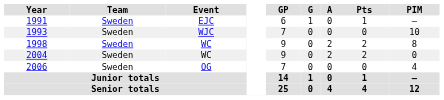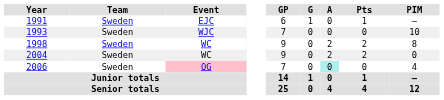 <table border="0" cellpadding="1" cellspacing="0" style="text-align:center; width:50em">
 <tr ALIGN="center" bgcolor="#e0e0e0">
 <th>Year</th>
 <th>Team</th>
 <th>Event</th>
 <th rowspan="99" bgcolor="#ffffff"> </th>
 <th>GP</th>
 <th>G</th>
 <th>A</th>
 <th>Pts</th>
 <th>PIM</th>
 </tr>
 <tr>
 <td><a href='#'>1991</a></td>
 <td><a href='#'>Sweden</a></td>
 <td><a href='#'>EJC</a></td>
 <td>6</td>
 <td>1</td>
 <td>0</td>
 <td>1</td>
 <td>—</td>
 </tr>
 <tr bgcolor="#f0f0f0">
 <td><a href='#'>1993</a></td>
 <td>Sweden</td>
 <td><a href='#'>WJC</a></td>
 <td>7</td>
 <td>0</td>
 <td>0</td>
 <td>0</td>
 <td>10</td>
 </tr>
 <tr>
 <td><a href='#'>1998</a></td>
 <td><a href='#'>Sweden</a></td>
 <td><a href='#'>WC</a></td>
 <td>9</td>
 <td>0</td>
 <td>2</td>
 <td>2</td>
 <td>8</td>
 </tr>
 <tr bgcolor="#f0f0f0">
 <td><a href='#'>2004</a></td>
 <td>Sweden</td>
 <td>WC</td>
 <td>9</td>
 <td>0</td>
 <td>2</td>
 <td>2</td>
 <td>0</td>
 </tr>
 <tr>
 <td><a href='#'>2006</a></td>
 <td>Sweden</td>
-<td><a href='#'>OG</a></td>
+<td style="background: pink;"><a href='#'>OG</a></td>
 <td>7</td>
 <td>0</td>
-<td>0</td>
+<td style="background: paleturquoise;">0</td>
 <td>0</td>
 <td>4</td>
 </tr>
 <tr bgcolor="#e0e0e0">
 <th colspan="3">Junior totals</th>
 <th>14</th>
 <th>1</th>
 <th>0</th>
 <th>1</th>
 <th>—</th>
 </tr>
 <tr bgcolor="#e0e0e0">
 <th colspan="3">Senior totals</th>
 <th>25</th>
 <th>0</th>
 <th>4</th>
 <th>4</th>
 <th>12</th>
 </tr>
 </table>
